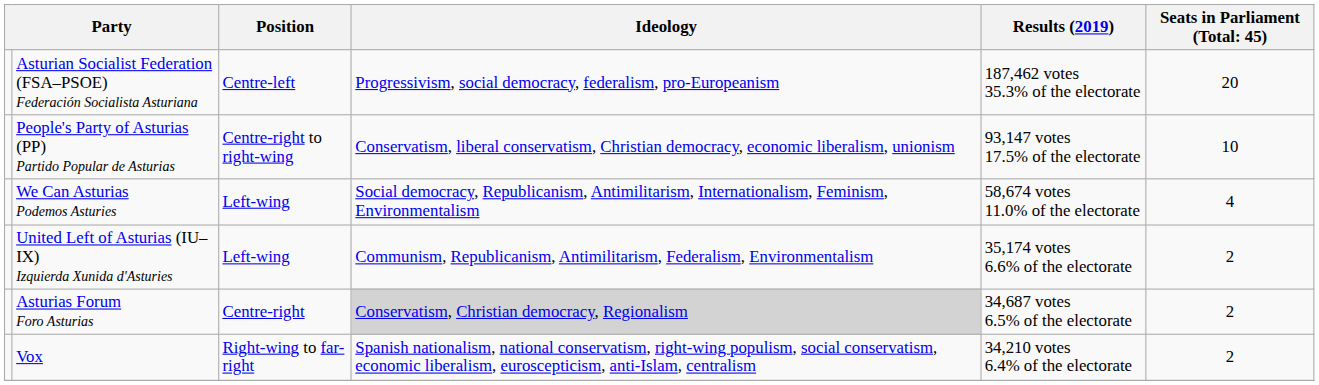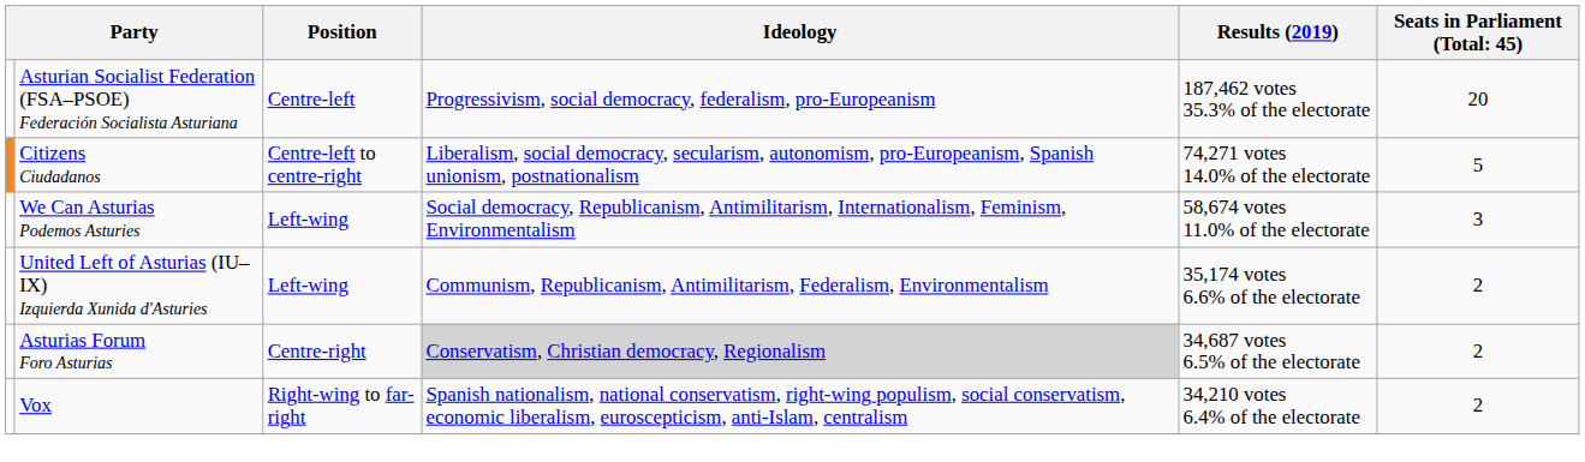 <table class="wikitable">
 <tr>
 <th colspan="2">Party</th>
 <th>Position</th>
 <th>Ideology</th>
 <th width=150>Results (<a href='#'>2019</a>)</th>
 <th>Seats in Parliament (Total: 45)</th>
 </tr>
 <tr>
 <td style="background:"></td>
 <td><a href='#'>Asturian Socialist Federation</a> (FSA–PSOE)<br><small><em>Federación Socialista Asturiana</em></small></td>
 <td><a href='#'>Centre-left</a></td>
 <td><a href='#'>Progressivism</a>, <a href='#'>social democracy</a>, <a href='#'>federalism</a>, <a href='#'>pro-Europeanism</a></td>
 <td>187,462 votes<br>35.3% of the electorate</td>
 <td align=center>20</td>
 </tr>
 <tr>
-<td style="background:"></td>
-<td><a href='#'>People's Party of Asturias</a> (PP)<br><small><em>Partido Popular de Asturias</em></small></td>
-<td><a href='#'>Centre-right</a> to <a href='#'>right-wing</a></td>
-<td><a href='#'>Conservatism</a>, <a href='#'>liberal conservatism</a>, <a href='#'>Christian democracy</a>, <a href='#'>economic liberalism</a>, <a href='#'>unionism</a></td>
-<td>93,147 votes<br>17.5% of the electorate</td>
-<td align=center>10</td>
+<td style="background-color:#F18624"></td>
+<td><a href='#'>Citizens</a> <br><small><em>Ciudadanos</em></small></td>
+<td><a href='#'>Centre-left</a> to <a href='#'>centre-right</a></td>
+<td><a href='#'>Liberalism</a>, <a href='#'>social democracy</a>, <a href='#'>secularism</a>, <a href='#'>autonomism</a>, <a href='#'>pro-Europeanism</a>, <a href='#'>Spanish unionism</a>, <a href='#'>postnationalism</a></td>
+<td>74,271 votes<br>14.0% of the electorate</td>
+<td align="center">5</td>
 </tr>
 <tr>
 <td style="background:"></td>
 <td><a href='#'>We Can Asturias</a><br><small><em>Podemos Asturies</em></small></td>
 <td><a href='#'>Left-wing</a></td>
 <td><a href='#'>Social democracy</a>, <a href='#'>Republicanism</a>, <a href='#'>Antimilitarism</a>, <a href='#'>Internationalism</a>, <a href='#'>Feminism</a>, <a href='#'>Environmentalism</a></td>
 <td>58,674 votes<br>11.0% of the electorate</td>
-<td align="center">4</td>
+<td align="center">3</td>
 </tr>
 <tr>
 <td style="background:"></td>
 <td><a href='#'>United Left of Asturias</a> (IU–IX)<br><small><em>Izquierda Xunida d'Asturies</em></small></td>
 <td><a href='#'>Left-wing</a></td>
 <td><a href='#'>Communism</a>, <a href='#'>Republicanism</a>, <a href='#'>Antimilitarism</a>, <a href='#'>Federalism</a>, <a href='#'>Environmentalism</a></td>
 <td>35,174 votes<br>6.6% of the electorate</td>
 <td align="center">2</td>
 </tr>
 <tr>
 <td style="background:"></td>
 <td><a href='#'>Asturias Forum</a> <br> <small><em>Foro Asturias</em></small></td>
 <td><a href='#'>Centre-right</a></td>
 <td style="background: lightgrey;"><a href='#'>Conservatism</a>, <a href='#'>Christian democracy</a>, <a href='#'>Regionalism</a></td>
 <td>34,687 votes<br>6.5% of the electorate</td>
 <td align="center">2</td>
 </tr>
 <tr>
 <td style="background:"></td>
 <td><a href='#'>Vox</a></td>
 <td><a href='#'>Right-wing</a> to <a href='#'>far-right</a></td>
 <td><a href='#'>Spanish nationalism</a>, <a href='#'>national conservatism</a>, <a href='#'>right-wing populism</a>, <a href='#'>social conservatism</a>, <a href='#'>economic liberalism</a>, <a href='#'>euroscepticism</a>, <a href='#'>anti-Islam</a>, <a href='#'>centralism</a></td>
 <td>34,210 votes<br>6.4% of the electorate</td>
 <td align="center">2</td>
 </tr>
 <tr>
 </tr>
 </table>
